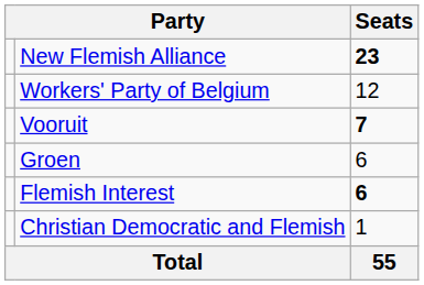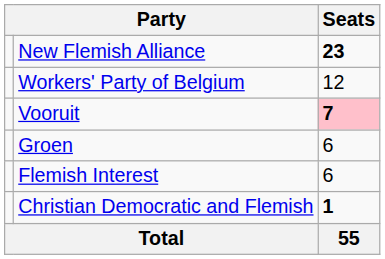 <table class="wikitable">
 <tr>
 <th colspan="2">Party</th>
 <th>Seats</th>
 </tr>
 <tr>
 <td></td>
 <td><a href='#'>New Flemish Alliance</a></td>
 <td><strong>23</strong></td>
 </tr>
 <tr>
 <td></td>
 <td><a href='#'>Workers' Party of Belgium</a></td>
 <td>12</td>
 </tr>
 <tr>
 <td></td>
 <td><a href='#'>Vooruit</a></td>
-<td><strong>7</strong></td>
+<td style="background: pink;"><strong>7</strong></td>
 </tr>
 <tr>
 <td></td>
 <td><a href='#'>Groen</a></td>
 <td>6</td>
 </tr>
 <tr>
 <td></td>
 <td><a href='#'>Flemish Interest</a></td>
-<td><strong>6</strong></td>
+<td>6</td>
 </tr>
 <tr>
 <td></td>
 <td><a href='#'>Christian Democratic and Flemish</a></td>
-<td>1</td>
+<td><strong>1</strong></td>
 </tr>
 <tr>
 <th colspan="2">Total</th>
 <th>55</th>
 </tr>
 </table>
